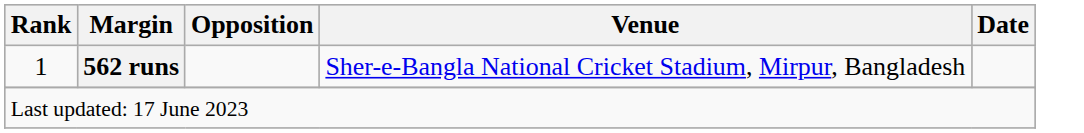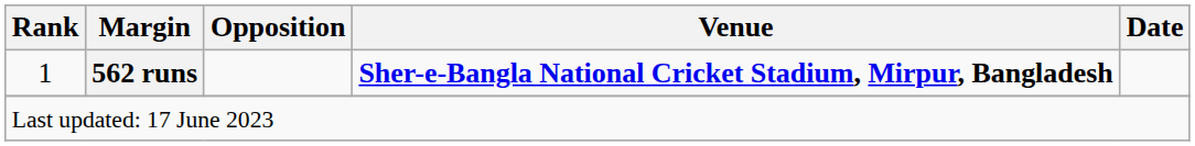 <table class="wikitable plainrowheaders sortable">
 <tr>
 <th scope=col>Rank</th>
 <th scope=col>Margin</th>
 <th scope=col>Opposition</th>
 <th scope=col>Venue</th>
 <th scope=col>Date</th>
 </tr>
 <tr>
 <td align=center>1</td>
 <th scope=row style="text-align:center;">562 runs</th>
 <td></td>
-<td><a href='#'>Sher-e-Bangla National Cricket Stadium</a>, <a href='#'>Mirpur</a>, Bangladesh</td>
+<td><strong><a href='#'>Sher-e-Bangla National Cricket Stadium</a>, <a href='#'>Mirpur</a>, Bangladesh</strong></td>
 <td></td>
 </tr>
 <tr>
 </tr>
 <tr class=sortbottom>
 <td colspan=5><small>Last updated: 17 June 2023</small></td>
 </tr>
 </table>
